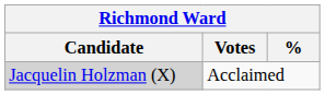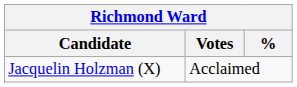 <table class="wikitable">
 <tr>
 <th colspan="3"><a href='#'>Richmond Ward</a></th>
 </tr>
 <tr>
 <th style="width: 170px">Candidate</th>
 <th style="width: 50px">Votes</th>
 <th style="width: 40px">%</th>
 </tr>
 <tr>
-<td style="background: lightgrey;"><a href='#'>Jacquelin Holzman</a> (X)</td>
+<td><a href='#'>Jacquelin Holzman</a> (X)</td>
 <td colspan="2">Acclaimed</td>
 </tr>
 </table>
